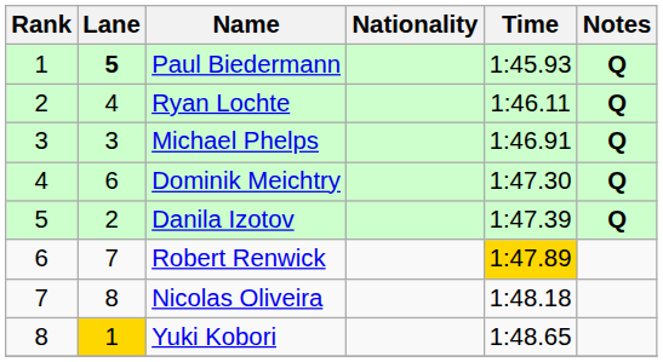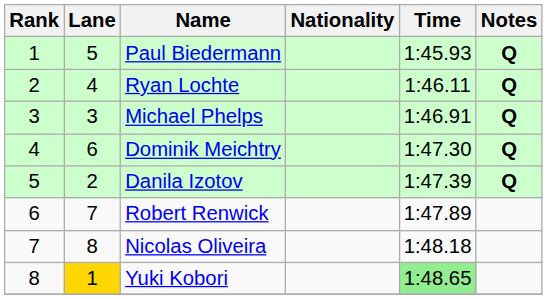 <table class="wikitable sortable" style="text-align:center">
 <tr>
 <th>Rank</th>
 <th>Lane</th>
 <th>Name</th>
 <th>Nationality</th>
 <th>Time</th>
 <th>Notes</th>
 </tr>
 <tr bgcolor=ccffcc>
 <td>1</td>
-<td><strong>5</strong></td>
+<td>5</td>
 <td align=left><a href='#'>Paul Biedermann</a></td>
 <td align=left></td>
 <td>1:45.93</td>
 <td><strong>Q</strong></td>
 </tr>
 <tr bgcolor=ccffcc>
 <td>2</td>
 <td>4</td>
 <td align=left><a href='#'>Ryan Lochte</a></td>
 <td align=left></td>
 <td>1:46.11</td>
 <td><strong>Q</strong></td>
 </tr>
 <tr bgcolor=ccffcc>
 <td>3</td>
 <td>3</td>
 <td align=left><a href='#'>Michael Phelps</a></td>
 <td align=left></td>
 <td>1:46.91</td>
 <td><strong>Q</strong></td>
 </tr>
 <tr bgcolor=ccffcc>
 <td>4</td>
 <td>6</td>
 <td align=left><a href='#'>Dominik Meichtry</a></td>
 <td align=left></td>
 <td>1:47.30</td>
 <td><strong>Q</strong></td>
 </tr>
 <tr bgcolor=ccffcc>
 <td>5</td>
 <td>2</td>
 <td align=left><a href='#'>Danila Izotov</a></td>
 <td align=left></td>
 <td>1:47.39</td>
 <td><strong>Q</strong></td>
 </tr>
 <tr>
 <td>6</td>
 <td>7</td>
 <td align=left><a href='#'>Robert Renwick</a></td>
 <td align=left></td>
-<td style="background: gold;">1:47.89</td>
+<td>1:47.89</td>
 <td></td>
 </tr>
 <tr>
 <td>7</td>
 <td>8</td>
 <td align=left><a href='#'>Nicolas Oliveira</a></td>
 <td align=left></td>
 <td>1:48.18</td>
 <td></td>
 </tr>
 <tr>
 <td>8</td>
 <td style="background: gold;">1</td>
 <td align=left><a href='#'>Yuki Kobori</a></td>
 <td align=left></td>
-<td>1:48.65</td>
+<td style="background: lightgreen;">1:48.65</td>
 <td></td>
 </tr>
 <tr>
 </tr>
 </table>
